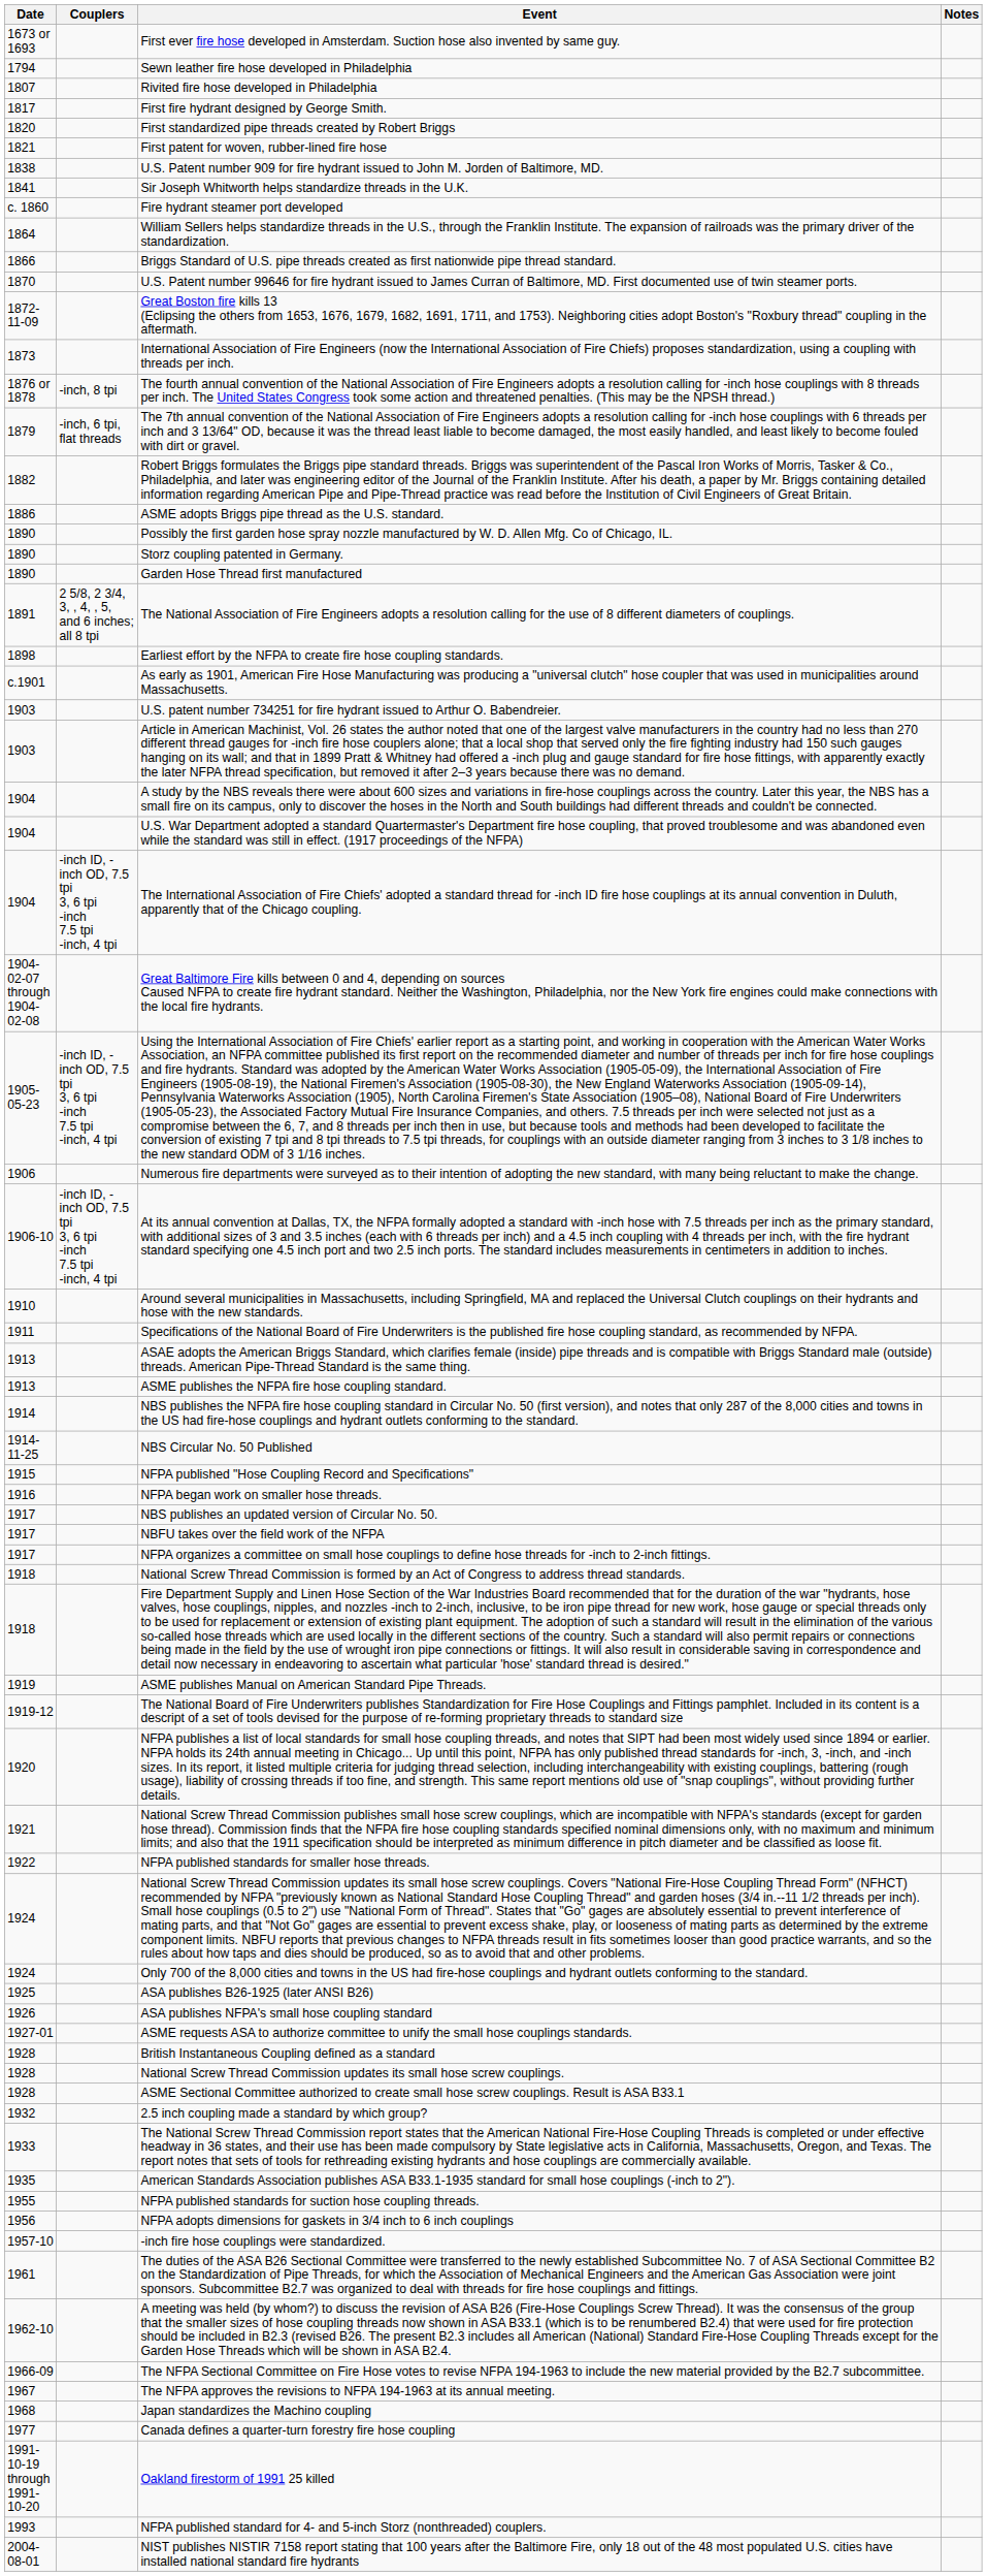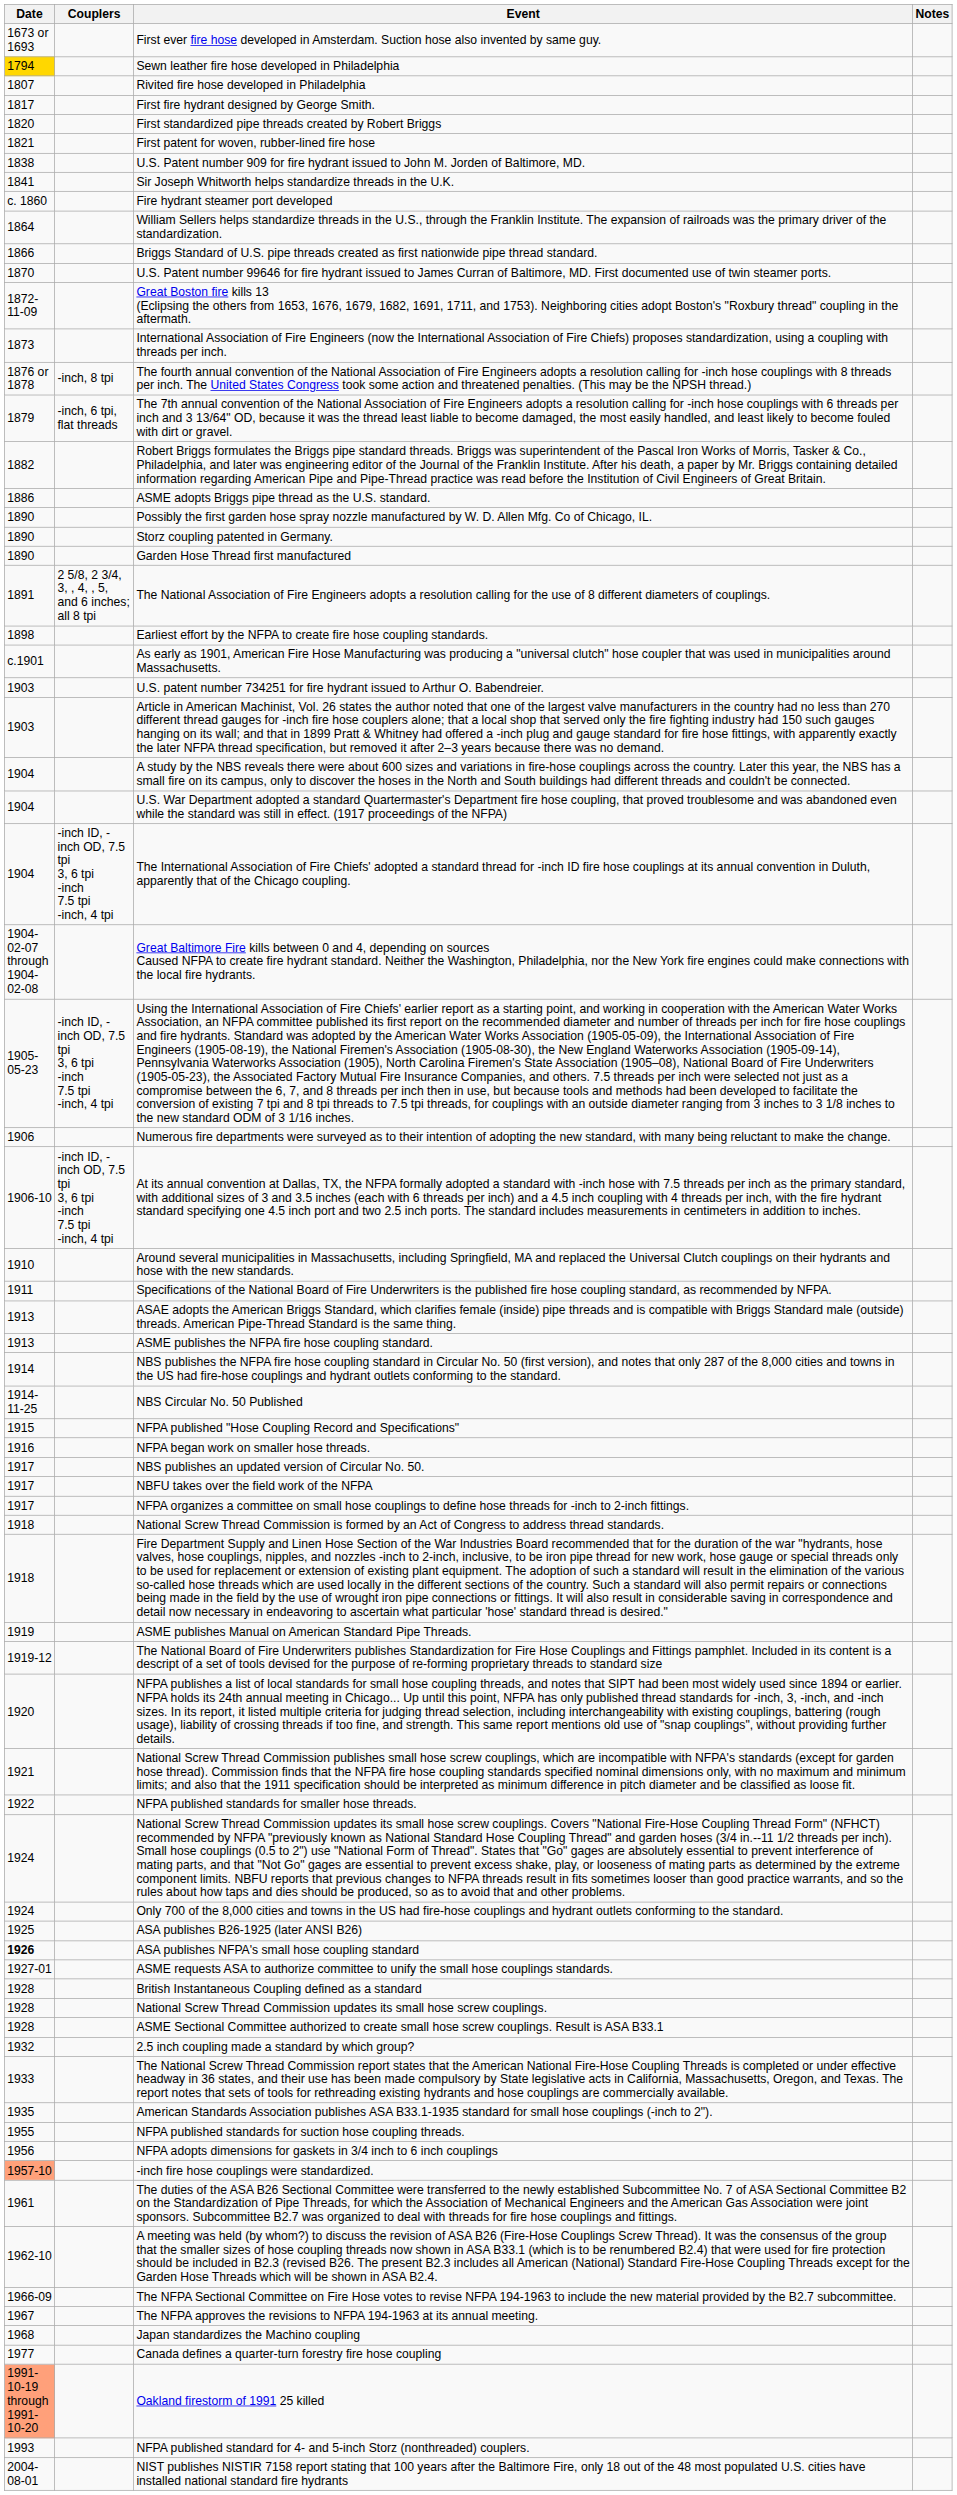 <table class="wikitable">
 <tr>
 <th>Date</th>
 <th>Couplers</th>
 <th>Event</th>
 <th>Notes</th>
 </tr>
 <tr>
 <td>1673 or 1693</td>
 <td></td>
 <td>First ever <a href='#'>fire hose</a> developed in Amsterdam. Suction hose also invented by same guy.</td>
 <td></td>
 </tr>
 <tr>
-<td>1794</td>
+<td style="background: gold;">1794</td>
 <td></td>
 <td>Sewn leather fire hose developed in Philadelphia</td>
 <td></td>
 </tr>
 <tr>
 <td>1807</td>
 <td></td>
 <td>Rivited fire hose developed in Philadelphia</td>
 <td></td>
 </tr>
 <tr>
 <td>1817</td>
 <td></td>
 <td>First fire hydrant designed by George Smith.</td>
 <td></td>
 </tr>
 <tr>
 <td>1820</td>
 <td></td>
 <td>First standardized pipe threads created by Robert Briggs</td>
 <td></td>
 </tr>
 <tr>
 <td>1821</td>
 <td></td>
 <td>First patent for woven, rubber-lined fire hose</td>
 <td></td>
 </tr>
 <tr>
 <td>1838</td>
 <td></td>
 <td>U.S. Patent number 909 for fire hydrant issued to John M. Jorden of Baltimore, MD.</td>
 <td></td>
 </tr>
 <tr>
 <td>1841</td>
 <td></td>
 <td>Sir Joseph Whitworth helps standardize threads in the U.K.</td>
 <td></td>
 </tr>
 <tr>
 <td>c. 1860</td>
 <td></td>
 <td>Fire hydrant steamer port developed</td>
 <td></td>
 </tr>
 <tr>
 <td>1864</td>
 <td></td>
 <td>William Sellers helps standardize threads in the U.S., through the Franklin Institute. The expansion of railroads was the primary driver of the standardization.</td>
 <td></td>
 </tr>
 <tr>
 <td>1866</td>
 <td></td>
 <td>Briggs Standard of U.S. pipe threads created as first nationwide pipe thread standard.</td>
 <td></td>
 </tr>
 <tr>
 <td>1870</td>
 <td></td>
 <td>U.S. Patent number 99646 for fire hydrant issued to James Curran of Baltimore, MD. First documented use of twin steamer ports.</td>
 <td></td>
 </tr>
 <tr>
 <td>1872-11-09</td>
 <td></td>
 <td><a href='#'>Great Boston fire</a> kills 13<br>(Eclipsing the others from 1653, 1676, 1679, 1682, 1691, 1711, and 1753). Neighboring cities adopt Boston's "Roxbury thread" coupling in the aftermath.</td>
 <td></td>
 </tr>
 <tr>
 <td>1873</td>
 <td></td>
 <td>International Association of Fire Engineers (now the International Association of Fire Chiefs) proposes standardization, using a coupling with  threads per inch.</td>
 <td></td>
 </tr>
 <tr>
 <td>1876 or 1878</td>
 <td>-inch, 8 tpi</td>
 <td>The fourth annual convention of the National Association of Fire Engineers adopts a resolution calling for -inch hose couplings with 8 threads per inch. The <a href='#'>United States Congress</a> took some action and threatened penalties. (This may be the NPSH thread.)</td>
 <td></td>
 </tr>
 <tr>
 <td>1879</td>
 <td>-inch, 6 tpi, flat threads</td>
 <td>The 7th annual convention of the National Association of Fire Engineers adopts a resolution calling for -inch hose couplings with 6 threads per inch and 3 13/64" OD, because it was the thread least liable to become damaged, the most easily handled, and least likely to become fouled with dirt or gravel.</td>
 <td></td>
 </tr>
 <tr>
 <td>1882</td>
 <td></td>
 <td>Robert Briggs formulates the Briggs pipe standard threads. Briggs was superintendent of the Pascal Iron Works of Morris, Tasker & Co., Philadelphia, and later was engineering editor of the Journal of the Franklin Institute. After his death, a paper by Mr. Briggs containing detailed information regarding American Pipe and Pipe-Thread practice was read before the Institution of Civil Engineers of Great Britain.</td>
 <td></td>
 </tr>
 <tr>
 <td>1886</td>
 <td></td>
 <td>ASME adopts Briggs pipe thread as the U.S. standard.</td>
 <td></td>
 </tr>
 <tr>
 <td>1890</td>
 <td></td>
 <td>Possibly the first garden hose spray nozzle manufactured by W. D. Allen Mfg. Co of Chicago, IL.</td>
 <td></td>
 </tr>
 <tr>
 <td>1890</td>
 <td></td>
 <td>Storz coupling patented in Germany.</td>
 <td></td>
 </tr>
 <tr>
 <td>1890</td>
 <td></td>
 <td>Garden Hose Thread first manufactured</td>
 <td></td>
 </tr>
 <tr>
 <td>1891</td>
 <td>2 5/8, 2 3/4, 3, , 4, , 5, and 6 inches; all 8 tpi</td>
 <td>The National Association of Fire Engineers adopts a resolution calling for the use of 8 different diameters of couplings.</td>
 <td></td>
 </tr>
 <tr>
 <td>1898</td>
 <td></td>
 <td>Earliest effort by the NFPA to create fire hose coupling standards.</td>
 <td></td>
 </tr>
 <tr>
 <td>c.1901</td>
 <td></td>
 <td>As early as 1901, American Fire Hose Manufacturing was producing a "universal clutch" hose coupler that was used in municipalities around Massachusetts.</td>
 <td></td>
 </tr>
 <tr>
 <td>1903</td>
 <td></td>
 <td>U.S. patent number 734251 for fire hydrant issued to Arthur O. Babendreier.</td>
 <td></td>
 </tr>
 <tr>
 <td>1903</td>
 <td></td>
 <td>Article in American Machinist, Vol. 26 states the author noted that one of the largest valve manufacturers in the country had no less than 270 different thread gauges for -inch fire hose couplers alone; that a local shop that served only the fire fighting industry had 150 such gauges hanging on its wall; and that in 1899 Pratt & Whitney had offered a -inch plug and gauge standard for fire hose fittings, with apparently exactly the later NFPA thread specification, but removed it after 2–3 years because there was no demand.</td>
 <td></td>
 </tr>
 <tr>
 <td>1904</td>
 <td></td>
 <td>A study by the NBS reveals there were about 600 sizes and variations in fire-hose couplings across the country. Later this year, the NBS has a small fire on its campus, only to discover the hoses in the North and South buildings had different threads and couldn't be connected.</td>
 <td></td>
 </tr>
 <tr>
 <td>1904</td>
 <td></td>
 <td>U.S. War Department adopted a standard Quartermaster's Department fire hose coupling, that proved troublesome and was abandoned even while the standard was still in effect. (1917 proceedings of the NFPA)</td>
 <td></td>
 </tr>
 <tr>
 <td>1904</td>
 <td>-inch ID, -inch OD, 7.5 tpi<br>3, 6 tpi<br>-inch<br>7.5 tpi<br>-inch, 4 tpi</td>
 <td>The International Association of Fire Chiefs' adopted a standard thread for -inch ID fire hose couplings at its annual convention in Duluth, apparently that of the Chicago coupling.</td>
 <td></td>
 </tr>
 <tr>
 <td>1904-02-07<br>through<br>1904-02-08</td>
 <td></td>
 <td><a href='#'>Great Baltimore Fire</a> kills between 0 and 4, depending on sources<br>Caused NFPA to create fire hydrant standard. Neither the Washington, Philadelphia, nor the New York fire engines could make connections with the local fire hydrants.</td>
 <td></td>
 </tr>
 <tr>
 <td>1905-05-23</td>
 <td>-inch ID, -inch OD, 7.5 tpi<br>3, 6 tpi<br>-inch<br>7.5 tpi<br>-inch, 4 tpi</td>
 <td>Using the International Association of Fire Chiefs' earlier report as a starting point, and working in cooperation with the American Water Works Association, an NFPA committee published its first report on the recommended diameter and number of threads per inch for fire hose couplings and fire hydrants. Standard was adopted by the American Water Works Association (1905-05-09), the International Association of Fire Engineers (1905-08-19), the National Firemen's Association (1905-08-30), the New England Waterworks Association (1905-09-14), Pennsylvania Waterworks Association (1905), North Carolina Firemen's State Association (1905–08), National Board of Fire Underwriters (1905-05-23), the Associated Factory Mutual Fire Insurance Companies, and others. 7.5 threads per inch were selected not just as a compromise between the 6, 7, and 8 threads per inch then in use, but because tools and methods had been developed to facilitate the conversion of existing 7 tpi and 8 tpi threads to 7.5 tpi threads, for couplings with an outside diameter ranging from 3 inches to 3 1/8 inches to the new standard ODM of 3 1/16 inches.</td>
 <td></td>
 </tr>
 <tr>
 <td>1906</td>
 <td></td>
 <td>Numerous fire departments were surveyed as to their intention of adopting the new standard, with many being reluctant to make the change.</td>
 <td></td>
 </tr>
 <tr>
 <td>1906-10</td>
 <td>-inch ID, -inch OD, 7.5 tpi<br>3, 6 tpi<br>-inch<br>7.5 tpi<br>-inch, 4 tpi</td>
 <td>At its annual convention at Dallas, TX, the NFPA formally adopted a standard with -inch hose with 7.5 threads per inch as the primary standard, with additional sizes of 3 and 3.5 inches (each with 6 threads per inch) and a 4.5 inch coupling with 4 threads per inch, with the fire hydrant standard specifying one 4.5 inch port and two 2.5 inch ports. The standard includes measurements in centimeters in addition to inches.</td>
 <td></td>
 </tr>
 <tr>
 <td>1910</td>
 <td></td>
 <td>Around several municipalities in Massachusetts, including Springfield, MA and replaced the Universal Clutch couplings on their hydrants and hose with the new standards.</td>
 <td></td>
 </tr>
 <tr>
 <td>1911</td>
 <td></td>
 <td>Specifications of the National Board of Fire Underwriters is the published fire hose coupling standard, as recommended by NFPA.</td>
 <td></td>
 </tr>
 <tr>
 <td>1913</td>
 <td></td>
 <td>ASAE adopts the American Briggs Standard, which clarifies female (inside) pipe threads and is compatible with Briggs Standard male (outside) threads. American Pipe-Thread Standard is the same thing.</td>
 <td></td>
 </tr>
 <tr>
 <td>1913</td>
 <td></td>
 <td>ASME publishes the NFPA fire hose coupling standard.</td>
 <td></td>
 </tr>
 <tr>
 <td>1914</td>
 <td></td>
 <td>NBS publishes the NFPA fire hose coupling standard in Circular No. 50 (first version), and notes that only 287 of the 8,000 cities and towns in the US had fire-hose couplings and hydrant outlets conforming to the standard.</td>
 <td></td>
 </tr>
 <tr>
 <td>1914-11-25</td>
 <td></td>
 <td>NBS Circular No. 50 Published</td>
 <td></td>
 </tr>
 <tr>
 <td>1915</td>
 <td></td>
 <td>NFPA published "Hose Coupling Record and Specifications"</td>
 <td></td>
 </tr>
 <tr>
 <td>1916</td>
 <td></td>
 <td>NFPA began work on smaller hose threads.</td>
 <td></td>
 </tr>
 <tr>
 <td>1917</td>
 <td></td>
 <td>NBS publishes an updated version of Circular No. 50.</td>
 <td></td>
 </tr>
 <tr>
 <td>1917</td>
 <td></td>
 <td>NBFU takes over the field work of the NFPA</td>
 <td></td>
 </tr>
 <tr>
 <td>1917</td>
 <td></td>
 <td>NFPA organizes a committee on small hose couplings to define hose threads for -inch to 2-inch fittings.</td>
 <td></td>
 </tr>
 <tr>
 <td>1918</td>
 <td></td>
 <td>National Screw Thread Commission is formed by an Act of Congress to address thread standards.</td>
 <td></td>
 </tr>
 <tr>
 <td>1918</td>
 <td></td>
 <td>Fire Department Supply and Linen Hose Section of the War Industries Board recommended that for the duration of the war "hydrants, hose valves, hose couplings, nipples, and nozzles -inch to 2-inch, inclusive, to be iron pipe thread for new work, hose gauge or special threads only to be used for replacement or extension of existing plant equipment. The adoption of such a standard will result in the elimination of the various so-called hose threads which are used locally in the different sections of the country. Such a standard will also permit repairs or connections being made in the field by the use of wrought iron pipe connections or fittings. It will also result in considerable saving in correspondence and detail now necessary in endeavoring to ascertain what particular 'hose' standard thread is desired."</td>
 <td></td>
 </tr>
 <tr>
 <td>1919</td>
 <td></td>
 <td>ASME publishes Manual on American Standard Pipe Threads.</td>
 <td></td>
 </tr>
 <tr>
 <td>1919-12</td>
 <td></td>
 <td>The National Board of Fire Underwriters publishes Standardization for Fire Hose Couplings and Fittings pamphlet. Included in its content is a descript of a set of tools devised for the purpose of re-forming proprietary threads to standard size</td>
 <td></td>
 </tr>
 <tr>
 <td>1920</td>
 <td></td>
 <td>NFPA publishes a list of local standards for small hose coupling threads, and notes that SIPT had been most widely used since 1894 or earlier. NFPA holds its 24th annual meeting in Chicago... Up until this point, NFPA has only published thread standards for -inch, 3, -inch, and -inch  sizes. In its report, it listed multiple criteria for judging thread selection, including interchangeability with existing couplings, battering (rough usage), liability of crossing threads if too fine, and strength. This same report mentions old use of "snap couplings", without providing further details.</td>
 <td></td>
 </tr>
 <tr>
 <td>1921</td>
 <td></td>
 <td>National Screw Thread Commission publishes small hose screw couplings, which are incompatible with NFPA's standards (except for garden hose thread). Commission finds that the NFPA fire hose coupling standards specified nominal dimensions only, with no maximum and minimum limits; and also that the 1911 specification should be interpreted as minimum difference in pitch diameter and be classified as loose fit.</td>
 <td></td>
 </tr>
 <tr>
 <td>1922</td>
 <td></td>
 <td>NFPA published standards for smaller hose threads.</td>
 <td></td>
 </tr>
 <tr>
 <td>1924</td>
 <td></td>
 <td>National Screw Thread Commission updates its small hose screw couplings. Covers "National Fire-Hose Coupling Thread Form" (NFHCT) recommended by NFPA "previously known as National Standard Hose Coupling Thread" and garden hoses (3/4 in.--11 1/2 threads per inch). Small hose couplings (0.5 to 2") use "National Form of Thread". States that "Go" gages are absolutely essential to prevent interference of mating parts, and that "Not Go" gages are essential to prevent excess shake, play, or looseness of mating parts as determined by the extreme component limits. NBFU reports that previous changes to NFPA threads result in fits sometimes looser than good practice warrants, and so the rules about how taps and dies should be produced, so as to avoid that and other problems.</td>
 <td></td>
 </tr>
 <tr>
 <td>1924</td>
 <td></td>
 <td>Only 700 of the 8,000 cities and towns in the US had fire-hose couplings and hydrant outlets conforming to the standard.</td>
 <td></td>
 </tr>
 <tr>
 <td>1925</td>
 <td></td>
 <td>ASA publishes B26-1925 (later ANSI B26)</td>
 <td></td>
 </tr>
 <tr>
-<td>1926</td>
+<td><strong>1926</strong></td>
 <td></td>
 <td>ASA publishes NFPA's small hose coupling standard</td>
 <td></td>
 </tr>
 <tr>
 <td>1927-01</td>
 <td></td>
 <td>ASME requests ASA to authorize committee to unify the small hose couplings standards.</td>
 <td></td>
 </tr>
 <tr>
 <td>1928</td>
 <td></td>
 <td>British Instantaneous Coupling defined as a standard</td>
 <td></td>
 </tr>
 <tr>
 <td>1928</td>
 <td></td>
 <td>National Screw Thread Commission updates its small hose screw couplings.</td>
 <td></td>
 </tr>
 <tr>
 <td>1928</td>
 <td></td>
 <td>ASME Sectional Committee authorized to create small hose screw couplings. Result is ASA B33.1</td>
 <td></td>
 </tr>
 <tr>
 <td>1932</td>
 <td></td>
 <td>2.5 inch coupling made a standard by which group?</td>
 <td></td>
 </tr>
 <tr>
 <td>1933</td>
 <td></td>
 <td>The National Screw Thread Commission report states that the American National Fire-Hose Coupling Threads is completed or under effective headway in 36 states, and their use has been made compulsory by State legislative acts in California, Massachusetts, Oregon, and Texas. The report notes that sets of tools for rethreading existing hydrants and hose couplings are commercially available.</td>
 <td></td>
 </tr>
 <tr>
 <td>1935</td>
 <td></td>
 <td>American Standards Association publishes ASA B33.1-1935 standard for small hose couplings (-inch to 2").</td>
 <td></td>
 </tr>
 <tr>
 <td>1955</td>
 <td></td>
 <td>NFPA published standards for suction hose coupling threads.</td>
 <td></td>
 </tr>
 <tr>
 <td>1956</td>
 <td></td>
 <td>NFPA adopts dimensions for gaskets in 3/4 inch to 6 inch couplings</td>
 <td></td>
 </tr>
 <tr>
-<td>1957-10</td>
+<td style="background: lightsalmon;">1957-10</td>
 <td></td>
 <td>-inch fire hose couplings were standardized.</td>
 <td></td>
 </tr>
 <tr>
 <td>1961</td>
 <td></td>
 <td>The duties of the ASA B26 Sectional Committee were transferred to the newly established Subcommittee No. 7 of ASA Sectional Committee B2 on the Standardization of Pipe Threads, for which the Association of Mechanical Engineers and the American Gas Association were joint sponsors. Subcommittee B2.7 was organized to deal with threads for fire hose couplings and fittings.</td>
 <td></td>
 </tr>
 <tr>
 <td>1962-10</td>
 <td></td>
 <td>A meeting was held (by whom?) to discuss the revision of ASA B26 (Fire-Hose Couplings Screw Thread). It was the consensus of the group that the smaller sizes of hose coupling threads now shown in ASA B33.1 (which is to be renumbered B2.4) that were used for fire protection should be included in B2.3 (revised B26. The present B2.3 includes all American (National) Standard Fire-Hose Coupling Threads except for the Garden Hose Threads which will be shown in ASA B2.4.</td>
 <td></td>
 </tr>
 <tr>
 <td>1966-09</td>
 <td></td>
 <td>The NFPA Sectional Committee on Fire Hose votes to revise NFPA 194-1963 to include the new material provided by the B2.7 subcommittee.</td>
 <td></td>
 </tr>
 <tr>
 <td>1967</td>
 <td></td>
 <td>The NFPA approves the revisions to NFPA 194-1963 at its annual meeting.</td>
 <td></td>
 </tr>
 <tr>
 <td>1968</td>
 <td></td>
 <td>Japan standardizes the Machino coupling</td>
 <td></td>
 </tr>
 <tr>
 <td>1977</td>
 <td></td>
 <td>Canada defines a quarter-turn forestry fire hose coupling</td>
 <td></td>
 </tr>
 <tr>
-<td>1991-10-19<br>through<br>1991-10-20</td>
+<td style="background: lightsalmon;">1991-10-19<br>through<br>1991-10-20</td>
 <td></td>
 <td><a href='#'>Oakland firestorm of 1991</a> 25 killed</td>
 <td></td>
 </tr>
 <tr>
 <td>1993</td>
 <td></td>
 <td>NFPA published standard for 4- and 5-inch Storz (nonthreaded) couplers.</td>
 <td></td>
 </tr>
 <tr>
 <td>2004-08-01</td>
 <td></td>
 <td>NIST publishes NISTIR 7158 report stating that 100 years after the Baltimore Fire, only 18 out of the 48 most populated U.S. cities have installed national standard fire hydrants</td>
 <td></td>
 </tr>
 </table>
